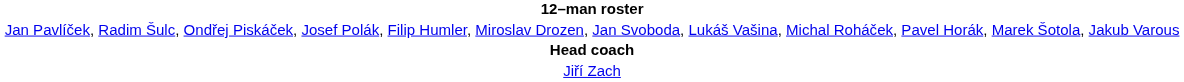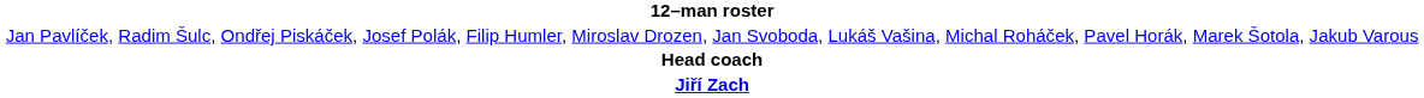 <table style="text-align: center; margin-top: 2em; margin-left: auto; margin-right: auto">
 <tr>
 <td><strong>12–man roster</strong></td>
 </tr>
 <tr>
 <td><a href='#'>Jan Pavlíček</a>, <a href='#'>Radim Šulc</a>, <a href='#'>Ondřej Piskáček</a>, <a href='#'>Josef Polák</a>, <a href='#'>Filip Humler</a>, <a href='#'>Miroslav Drozen</a>, <a href='#'>Jan Svoboda</a>, <a href='#'>Lukáš Vašina</a>, <a href='#'>Michal Roháček</a>, <a href='#'>Pavel Horák</a>, <a href='#'>Marek Šotola</a>, <a href='#'>Jakub Varous</a></td>
 </tr>
 <tr>
 <td><strong>Head coach</strong></td>
 </tr>
 <tr>
-<td><a href='#'>Jiří Zach</a></td>
+<td><strong><a href='#'>Jiří Zach</a></strong></td>
 </tr>
 </table>
